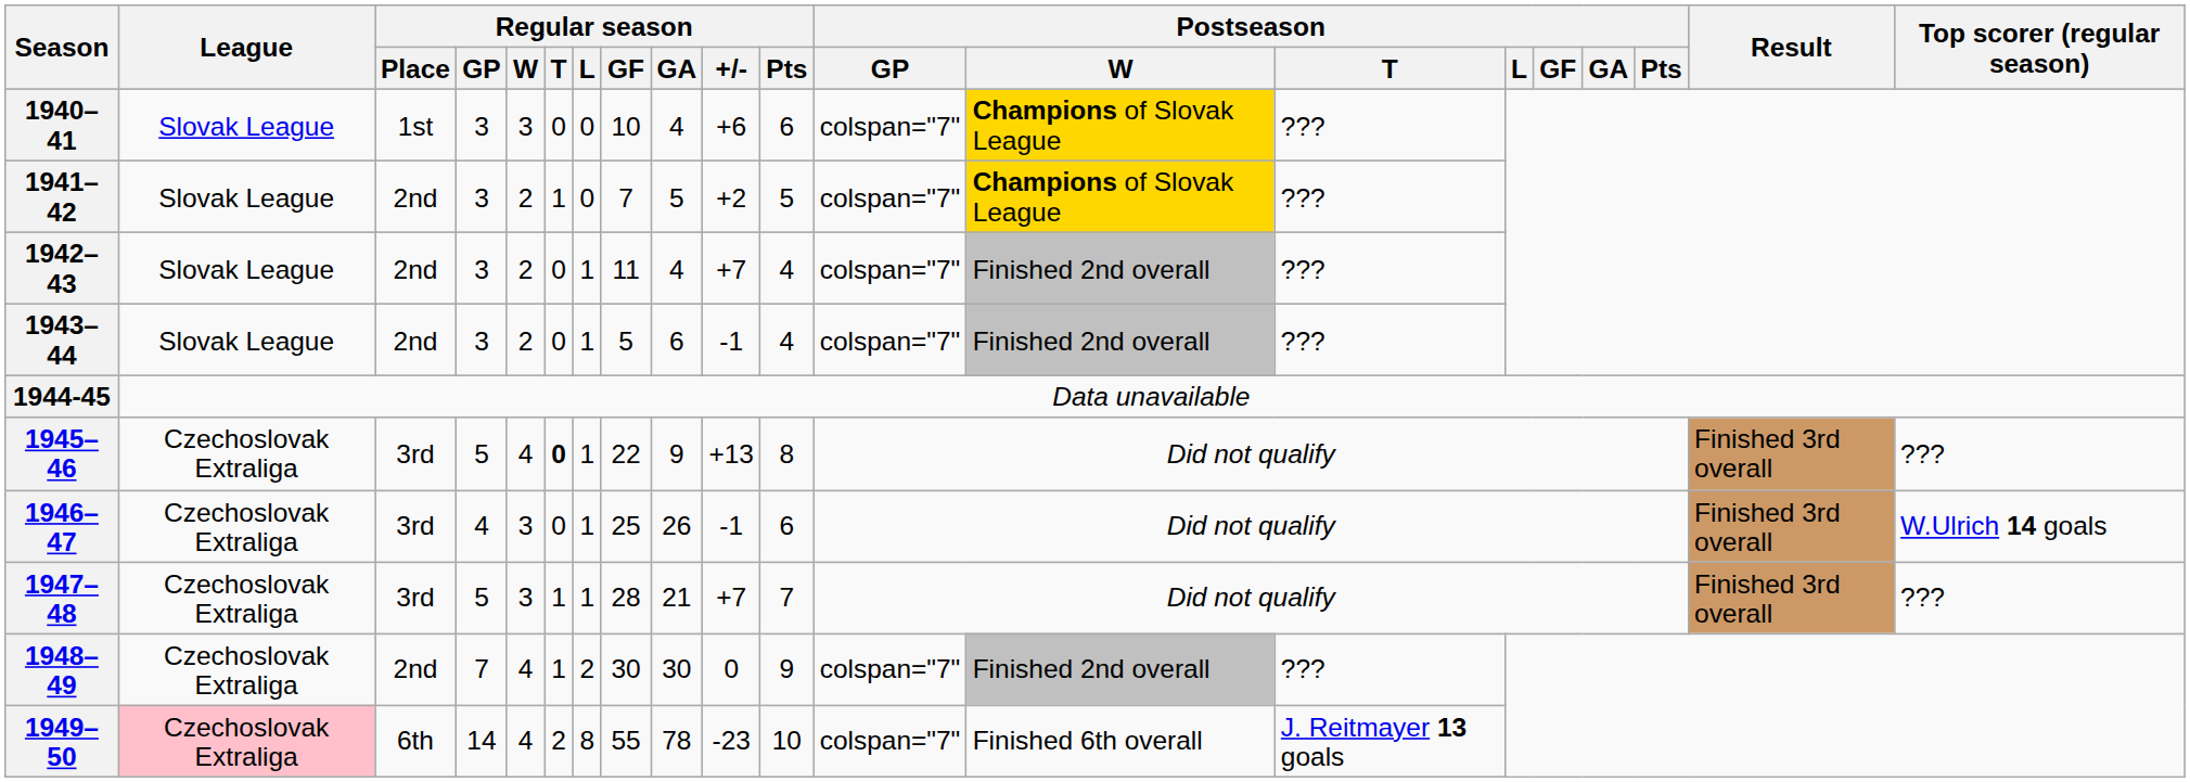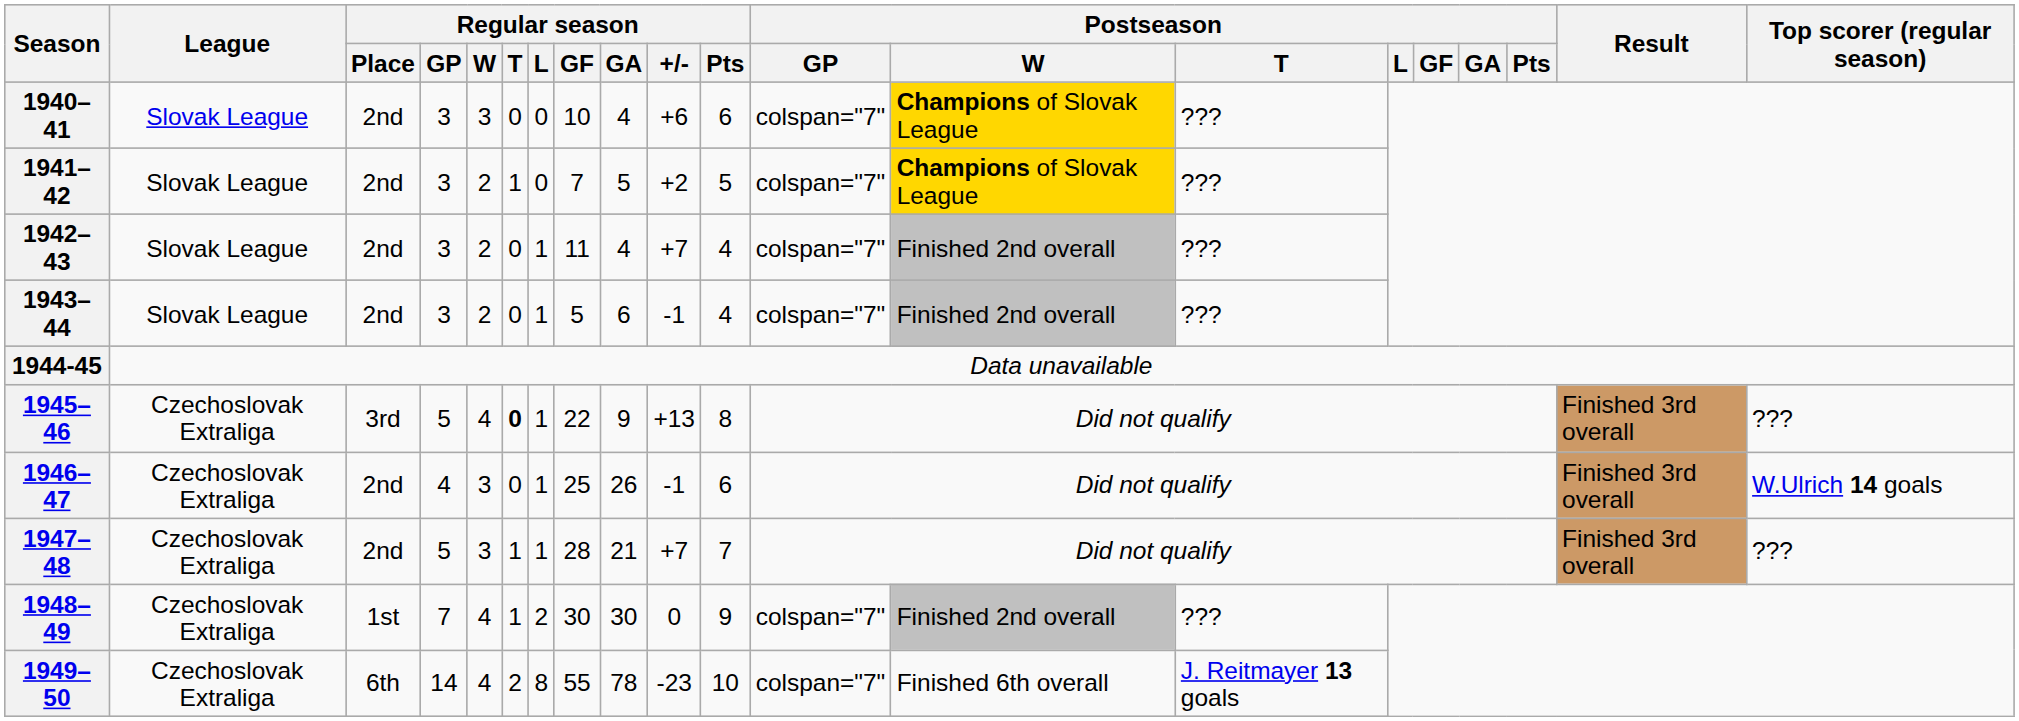 <table class="wikitable collapsible" style="text-align: center; font-size: 95%">
 <tr>
 <th rowspan="2">Season</th>
 <th rowspan="2">League</th>
 <th colspan="9">Regular season</th>
 <th colspan="7">Postseason</th>
 <th rowspan="2">Result</th>
 <th rowspan="2">Top scorer (regular season)</th>
 </tr>
 <tr>
 <th>Place</th>
 <th>GP</th>
 <th>W</th>
 <th>T</th>
 <th>L</th>
 <th>GF</th>
 <th>GA</th>
 <th>+/-</th>
 <th>Pts</th>
 <th>GP</th>
 <th>W</th>
 <th>T</th>
 <th>L</th>
 <th>GF</th>
 <th>GA</th>
 <th>Pts</th>
 </tr>
 <tr>
 <th>1940–41</th>
 <td><a href='#'>Slovak League</a></td>
-<td>1st</td>
+<td>2nd</td>
 <td>3</td>
 <td>3</td>
 <td>0</td>
 <td>0</td>
 <td>10</td>
 <td>4</td>
 <td>+6</td>
 <td>6</td>
 <td>colspan="7" </td>
 <td align=left bgcolor="gold"><strong>Champions</strong> of Slovak League</td>
 <td align=left>???</td>
 </tr>
 <tr>
 <th>1941–42</th>
 <td>Slovak League</td>
 <td>2nd</td>
 <td>3</td>
 <td>2</td>
 <td>1</td>
 <td>0</td>
 <td>7</td>
 <td>5</td>
 <td>+2</td>
 <td>5</td>
 <td>colspan="7" </td>
 <td align=left bgcolor="gold"><strong>Champions</strong> of Slovak League</td>
 <td align=left>???</td>
 </tr>
 <tr>
 <th>1942–43</th>
 <td>Slovak League</td>
 <td>2nd</td>
 <td>3</td>
 <td>2</td>
 <td>0</td>
 <td>1</td>
 <td>11</td>
 <td>4</td>
 <td>+7</td>
 <td>4</td>
 <td>colspan="7" </td>
 <td align=left bgcolor="silver">Finished 2nd overall</td>
 <td align=left>???</td>
 </tr>
 <tr>
 <th>1943–44</th>
 <td>Slovak League</td>
 <td>2nd</td>
 <td>3</td>
 <td>2</td>
 <td>0</td>
 <td>1</td>
 <td>5</td>
 <td>6</td>
 <td>-1</td>
 <td>4</td>
 <td>colspan="7" </td>
 <td align=left bgcolor="silver">Finished 2nd overall</td>
 <td align=left>???</td>
 </tr>
 <tr>
 <th>1944-45</th>
 <td colspan="19"><em>Data unavailable</em></td>
 </tr>
 <tr>
 <th><a href='#'>1945–46</a></th>
 <td>Czechoslovak Extraliga</td>
 <td>3rd</td>
 <td>5</td>
 <td>4</td>
 <td><strong>0</strong></td>
 <td>1</td>
 <td>22</td>
 <td>9</td>
 <td>+13</td>
 <td>8</td>
 <td colspan="7"><em>Did not qualify</em></td>
 <td align=left bgcolor="cc9966">Finished 3rd overall</td>
 <td align=left>???</td>
 </tr>
 <tr>
 <th><a href='#'>1946–47</a></th>
 <td>Czechoslovak Extraliga</td>
-<td>3rd</td>
+<td>2nd</td>
 <td>4</td>
 <td>3</td>
 <td>0</td>
 <td>1</td>
 <td>25</td>
 <td>26</td>
 <td>-1</td>
 <td>6</td>
 <td colspan="7"><em>Did not qualify</em></td>
 <td align=left bgcolor="cc9966">Finished 3rd overall</td>
 <td align=left> <a href='#'>W.Ulrich</a> <strong>14</strong> goals</td>
 </tr>
 <tr>
 <th><a href='#'>1947–48</a></th>
 <td>Czechoslovak Extraliga</td>
-<td>3rd</td>
+<td>2nd</td>
 <td>5</td>
 <td>3</td>
 <td>1</td>
 <td>1</td>
 <td>28</td>
 <td>21</td>
 <td>+7</td>
 <td>7</td>
 <td colspan="7"><em>Did not qualify</em></td>
 <td align=left bgcolor="cc9966">Finished 3rd overall</td>
 <td align=left>???</td>
 </tr>
 <tr>
 <th><a href='#'>1948–49</a></th>
 <td>Czechoslovak Extraliga</td>
-<td>2nd</td>
+<td>1st</td>
 <td>7</td>
 <td>4</td>
 <td>1</td>
 <td>2</td>
 <td>30</td>
 <td>30</td>
 <td>0</td>
 <td>9</td>
 <td>colspan="7" </td>
 <td align=left bgcolor="silver">Finished 2nd overall</td>
 <td align=left>???</td>
 </tr>
 <tr>
 <th><a href='#'>1949–50</a></th>
-<td style="background: pink;">Czechoslovak Extraliga</td>
+<td>Czechoslovak Extraliga</td>
 <td>6th</td>
 <td>14</td>
 <td>4</td>
 <td>2</td>
 <td>8</td>
 <td>55</td>
 <td>78</td>
 <td>-23</td>
 <td>10</td>
 <td>colspan="7" </td>
 <td align=left>Finished 6th overall</td>
 <td align=left> <a href='#'>J. Reitmayer</a> <strong>13</strong> goals</td>
 </tr>
 <tr>
 </tr>
 </table>
